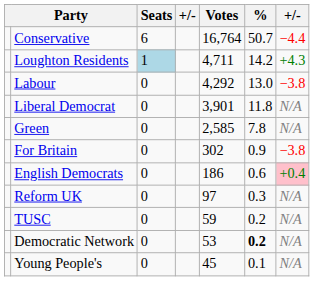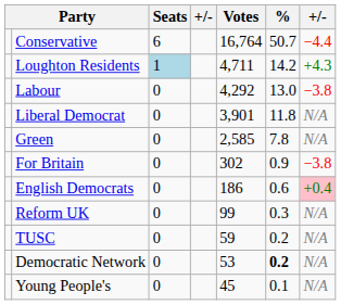 <table class="wikitable sortable">
 <tr>
 <th colspan="2">Party</th>
 <th>Seats</th>
 <th>+/-</th>
 <th>Votes</th>
 <th>%</th>
 <th>+/-</th>
 </tr>
 <tr>
 <td style="background-color: "></td>
 <td><a href='#'>Conservative</a></td>
 <td>6</td>
 <td></td>
 <td>16,764</td>
 <td>50.7</td>
 <td style="color:red">−4.4</td>
 </tr>
 <tr>
 <td style="background-color: "></td>
 <td><a href='#'>Loughton Residents</a></td>
 <td style="background: lightblue;">1</td>
 <td></td>
 <td>4,711</td>
 <td>14.2</td>
 <td style="color:green">+4.3</td>
 </tr>
 <tr>
 <td style="background-color: "></td>
 <td><a href='#'>Labour</a></td>
 <td>0</td>
 <td></td>
 <td>4,292</td>
 <td>13.0</td>
 <td style="color:red">−3.8</td>
 </tr>
 <tr>
 <td style="background-color: "></td>
 <td><a href='#'>Liberal Democrat</a></td>
 <td>0</td>
 <td></td>
 <td>3,901</td>
 <td>11.8</td>
 <td style="color:grey"><em>N/A</em></td>
 </tr>
 <tr>
 <td style="background-color: "></td>
 <td><a href='#'>Green</a></td>
 <td>0</td>
 <td></td>
 <td>2,585</td>
 <td>7.8</td>
 <td style="color:grey"><em>N/A</em></td>
 </tr>
 <tr>
 <td style="background-color: "></td>
 <td><a href='#'>For Britain</a></td>
 <td>0</td>
 <td></td>
 <td>302</td>
 <td>0.9</td>
 <td style="color:red">−3.8</td>
 </tr>
 <tr>
 <td style="background-color: "></td>
 <td><a href='#'>English Democrats</a></td>
 <td>0</td>
 <td></td>
 <td>186</td>
 <td>0.6</td>
 <td style="background: pink; color:green">+0.4</td>
 </tr>
 <tr>
 <td style="background-color: "></td>
 <td><a href='#'>Reform UK</a></td>
 <td>0</td>
 <td></td>
-<td>97</td>
+<td>99</td>
 <td>0.3</td>
 <td style="color:grey"><em>N/A</em></td>
 </tr>
 <tr>
 <td style="background-color: "></td>
 <td><a href='#'>TUSC</a></td>
 <td>0</td>
 <td></td>
 <td>59</td>
 <td>0.2</td>
 <td style="color:grey"><em>N/A</em></td>
 </tr>
 <tr>
 <td style="background-color: "></td>
 <td>Democratic Network</td>
 <td>0</td>
 <td></td>
 <td>53</td>
 <td><strong>0.2</strong></td>
 <td style="color:grey"><em>N/A</em></td>
 </tr>
 <tr>
 <td style="background-color: "></td>
 <td>Young People's</td>
 <td>0</td>
 <td></td>
 <td>45</td>
 <td>0.1</td>
 <td style="color:grey"><em>N/A</em></td>
 </tr>
 </table>
